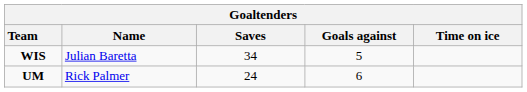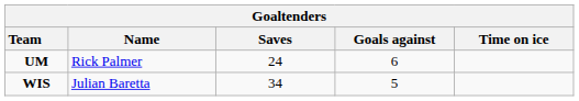 <table class="wikitable" style="width:40em; text-align:right;">
 <tr>
 <th colspan=5>Goaltenders</th>
 </tr>
 <tr>
 <th style="width:4em; text-align:left;">Team</th>
 <th style="width:10em;">Name</th>
 <th style="width:8em;">Saves</th>
 <th style="width:8em;">Goals against</th>
 <th style="width:8em;">Time on ice</th>
 </tr>
 <tr>
+<td align=center><strong>UM</strong></td>
+<td style="text-align:left;"><a href='#'>Rick Palmer</a></td>
+<td align=center>24</td>
+<td align=center>6</td>
+<td align=center></td>
+</tr>
+<tr>
 <td align=center><strong>WIS</strong></td>
 <td style="text-align:left;"><a href='#'>Julian Baretta</a></td>
 <td align=center>34</td>
 <td align=center>5</td>
 <td align=center></td>
 </tr>
-<tr>
-<td align=center><strong>UM</strong></td>
-<td style="text-align:left;"><a href='#'>Rick Palmer</a></td>
-<td align=center>24</td>
-<td align=center>6</td>
-<td align=center></td>
-</tr>
 </table>
